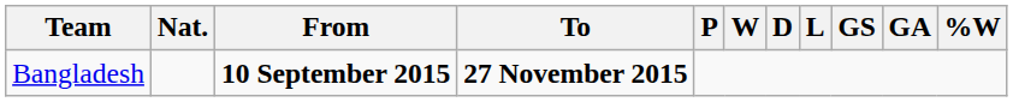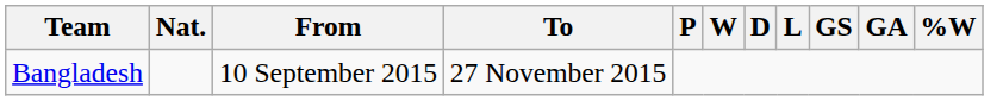 <table class="wikitable sortable" style="text-align: center">
 <tr>
 <th>Team</th>
 <th>Nat.</th>
 <th class="unsortable">From</th>
 <th class="unsortable">To</th>
 <th abbr="1">P</th>
 <th abbr="1">W</th>
 <th abbr="0">D</th>
 <th abbr="1">L</th>
 <th abbr="2">GS</th>
 <th abbr="4">GA</th>
 <th abbr="50">%W</th>
 </tr>
 <tr>
 <td align=left><a href='#'>Bangladesh</a></td>
 <td align=left></td>
-<td align=left><strong>10 September 2015</strong></td>
-<td align=left><strong>27 November 2015<br></strong></td>
+<td align=left>10 September 2015</td>
+<td align=left>27 November 2015<br></td>
 </tr>
 </table>
